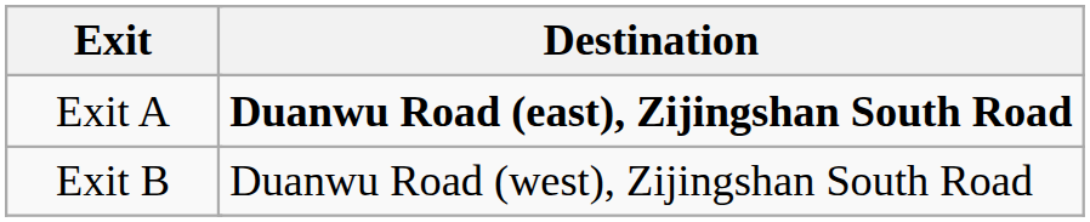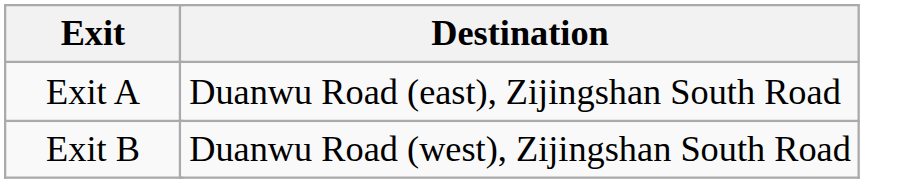 <table class="wikitable">
 <tr>
 <th style="width:70px" colspan="2">Exit</th>
 <th>Destination</th>
 </tr>
 <tr>
 <td align="center" colspan="2">Exit A</td>
-<td><strong>Duanwu Road (east), Zijingshan South Road</strong></td>
+<td>Duanwu Road (east), Zijingshan South Road</td>
 </tr>
 <tr>
 <td align="center" colspan="2">Exit B</td>
 <td>Duanwu Road (west), Zijingshan South Road</td>
 </tr>
 </table>
